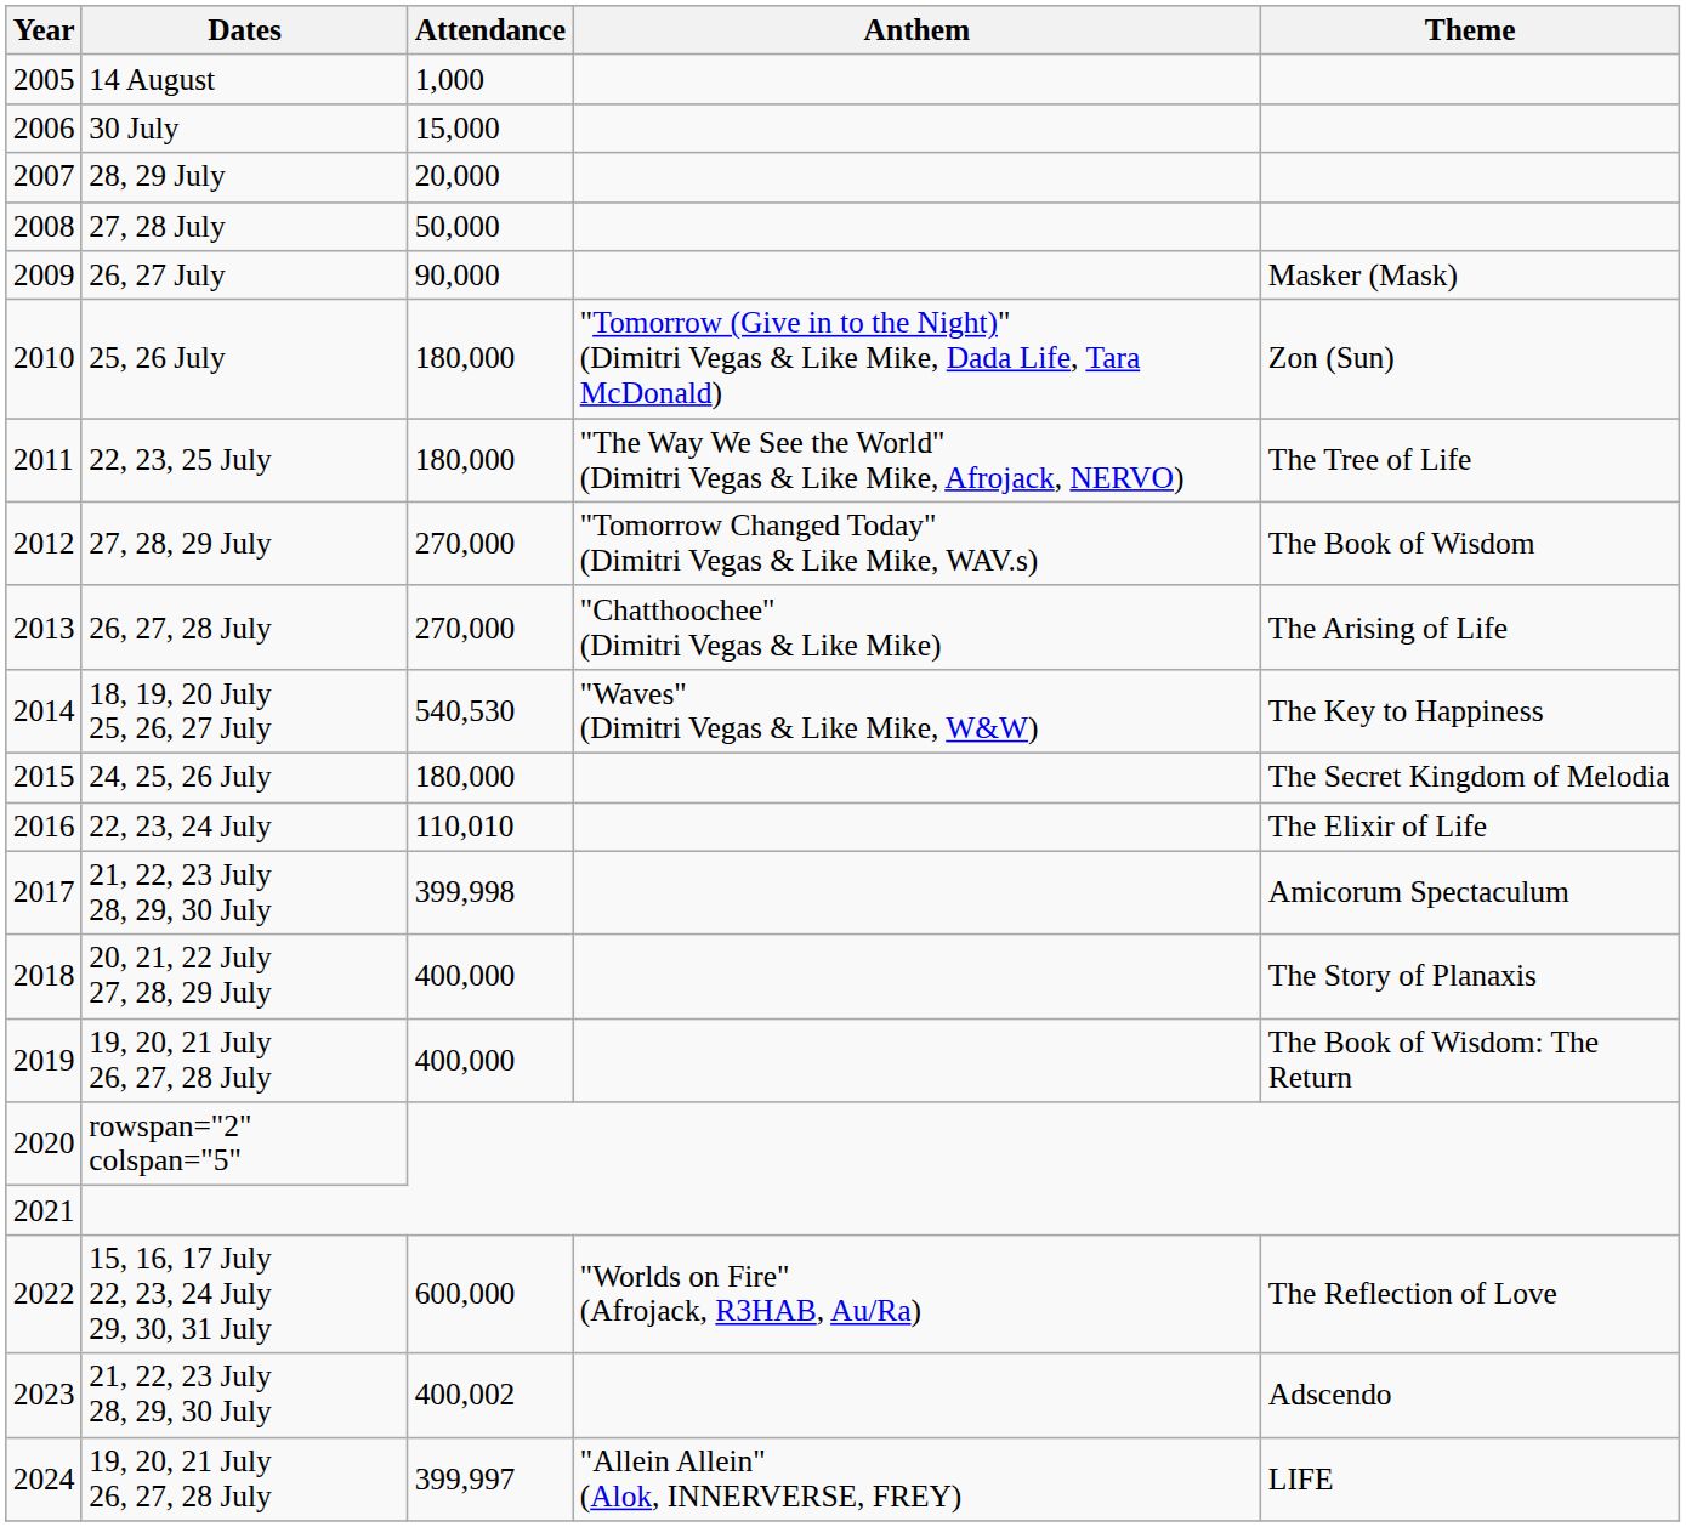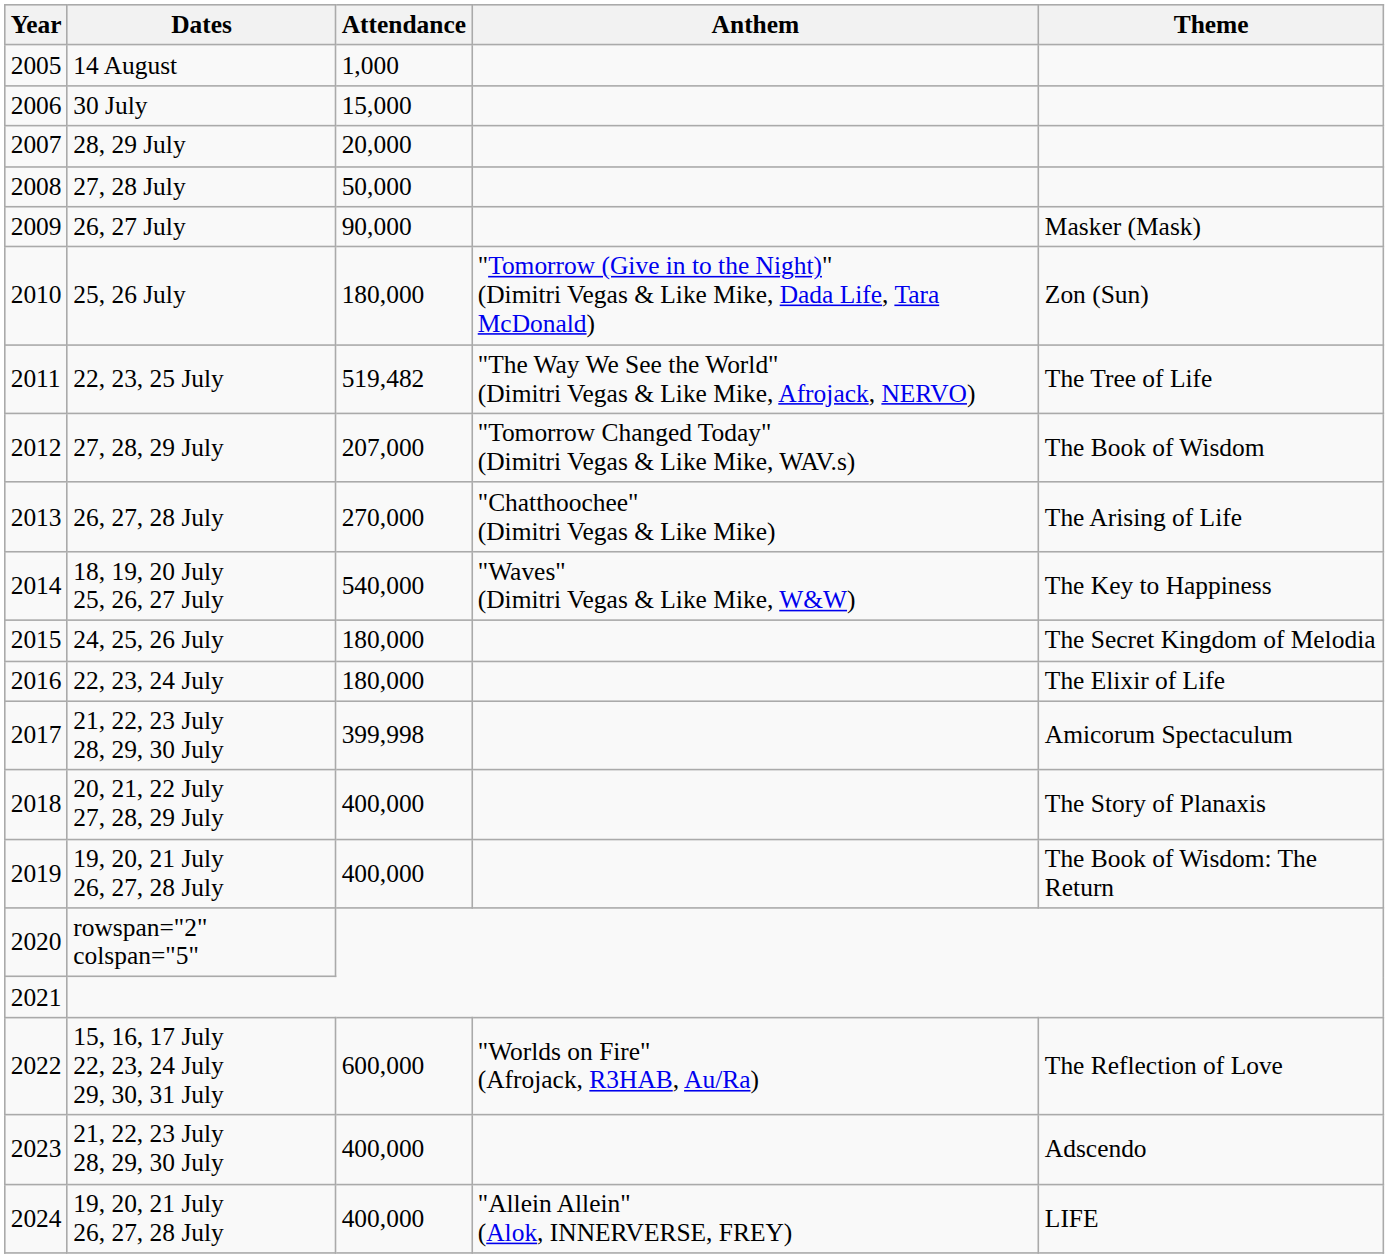 <table class="wikitable">
 <tr>
 <th>Year</th>
 <th>Dates</th>
 <th>Attendance</th>
 <th>Anthem</th>
 <th>Theme</th>
 </tr>
 <tr>
 <td>2005</td>
 <td>14 August</td>
 <td>1,000</td>
 <td></td>
 <td></td>
 </tr>
 <tr>
 <td>2006</td>
 <td>30 July</td>
 <td>15,000</td>
 <td></td>
 <td></td>
 </tr>
 <tr>
 <td>2007</td>
 <td>28, 29 July</td>
 <td>20,000</td>
 <td></td>
 <td></td>
 </tr>
 <tr>
 <td>2008</td>
 <td>27, 28 July</td>
 <td>50,000</td>
 <td></td>
 <td></td>
 </tr>
 <tr>
 <td>2009</td>
 <td>26, 27 July</td>
 <td>90,000</td>
 <td></td>
 <td>Masker (Mask)</td>
 </tr>
 <tr>
 <td>2010</td>
 <td>25, 26 July</td>
 <td>180,000</td>
 <td>"<a href='#'>Tomorrow (Give in to the Night)</a>"<br><span>(Dimitri Vegas & Like Mike, <a href='#'>Dada Life</a>, <a href='#'>Tara McDonald</a>)</span></td>
 <td>Zon (Sun)</td>
 </tr>
 <tr>
 <td>2011</td>
 <td>22, 23, 25 July</td>
-<td>180,000</td>
+<td>519,482</td>
 <td>"The Way We See the World"<br><span>(Dimitri Vegas & Like Mike, <a href='#'>Afrojack</a>, <a href='#'>NERVO</a>)</span></td>
 <td>The Tree of Life</td>
 </tr>
 <tr>
 <td>2012</td>
 <td>27, 28, 29 July</td>
-<td>270,000</td>
+<td>207,000</td>
 <td>"Tomorrow Changed Today"<br><span>(Dimitri Vegas & Like Mike, WAV.s)</span></td>
 <td>The Book of Wisdom</td>
 </tr>
 <tr>
 <td>2013</td>
 <td>26, 27, 28 July</td>
 <td>270,000</td>
 <td>"Chatthoochee"<br><span>(Dimitri Vegas & Like Mike)</span></td>
 <td>The Arising of Life</td>
 </tr>
 <tr>
 <td>2014</td>
 <td>18, 19, 20 July<br>25, 26, 27 July</td>
-<td>540,530</td>
+<td>540,000</td>
 <td>"Waves"<br><span>(Dimitri Vegas & Like Mike, <a href='#'>W&W</a>)</span></td>
 <td>The Key to Happiness</td>
 </tr>
 <tr>
 <td>2015</td>
 <td>24, 25, 26 July</td>
 <td>180,000</td>
 <td></td>
 <td>The Secret Kingdom of Melodia</td>
 </tr>
 <tr>
 <td>2016</td>
 <td>22, 23, 24 July</td>
-<td>110,010</td>
+<td>180,000</td>
 <td></td>
 <td>The Elixir of Life</td>
 </tr>
 <tr>
 <td>2017</td>
 <td>21, 22, 23 July<br>28, 29, 30 July</td>
 <td>399,998</td>
 <td></td>
 <td>Amicorum Spectaculum</td>
 </tr>
 <tr>
 <td>2018</td>
 <td>20, 21, 22 July<br>27, 28, 29 July</td>
 <td>400,000</td>
 <td></td>
 <td>The Story of Planaxis</td>
 </tr>
 <tr>
 <td>2019</td>
 <td>19, 20, 21 July<br>26, 27, 28 July</td>
 <td>400,000</td>
 <td></td>
 <td>The Book of Wisdom: The Return</td>
 </tr>
 <tr>
 <td>2020</td>
 <td>rowspan="2" colspan="5"</td>
 </tr>
 <tr>
 <td>2021</td>
 </tr>
 <tr>
 <td>2022</td>
 <td>15, 16, 17 July<br>22, 23, 24 July<br>29, 30, 31 July</td>
 <td>600,000</td>
 <td>"Worlds on Fire"<br><span>(Afrojack, <a href='#'>R3HAB</a>, <a href='#'>Au/Ra</a>)</span></td>
 <td>The Reflection of Love</td>
 </tr>
 <tr>
 <td>2023</td>
 <td>21, 22, 23 July<br>28, 29, 30 July</td>
-<td>400,002</td>
+<td>400,000</td>
 <td></td>
 <td>Adscendo</td>
 </tr>
 <tr>
 <td>2024</td>
 <td>19, 20, 21 July<br>26, 27, 28 July</td>
-<td>399,997</td>
+<td>400,000</td>
 <td>"Allein Allein"<br><span>(<a href='#'>Alok</a>, INNERVERSE, FREY)</span></td>
 <td>LIFE</td>
 </tr>
 </table>
